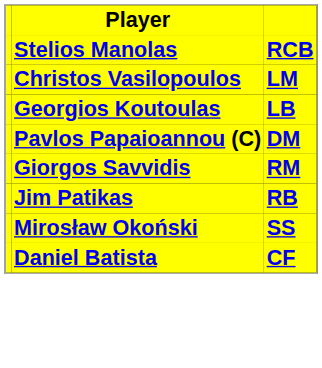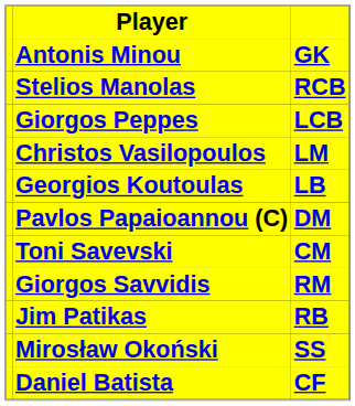 <table class="toccolours" border="0" cellpadding="2" cellspacing="0" align="center" style="margin: 0.5em 0 1em 1em; background: #000000; border: 1px #aaaaaa solid;">
 <tr bgcolor=#FFFF00>
 <th></th>
 <th>Player</th>
 <th></th>
 </tr>
 <tr bgcolor=#FFFF00>
 <td></td>
+<td><a href='#'><span><strong>Antonis Minou</strong></span></a></td>
+<td><a href='#'><strong>GK</strong></a></td>
+</tr>
+<tr bgcolor=#FFFF00>
+<td></td>
 <td><a href='#'><span><strong>Stelios Manolas</strong></span></a></td>
 <td><a href='#'><strong>RCB</strong></a></td>
+</tr>
+<tr bgcolor=#FFFF00>
+<td></td>
+<td><a href='#'><span><strong>Giorgos Peppes</strong></span></a></td>
+<td><a href='#'><strong>LCB</strong></a></td>
 </tr>
 <tr bgcolor=#FFFF00>
 <td></td>
 <td><a href='#'><span><strong>Christos Vasilopoulos</strong></span></a></td>
 <td><a href='#'><strong>LM</strong></a></td>
 </tr>
 <tr bgcolor=#FFFF00>
 <td></td>
 <td><a href='#'><span><strong>Georgios Koutoulas</strong></span></a></td>
 <td><a href='#'><strong>LB</strong></a></td>
 </tr>
 <tr bgcolor=#FFFF00>
 <td></td>
 <td><a href='#'><span><strong>Pavlos Papaioannou</strong></span></a> <strong>(C)</strong></td>
 <td><a href='#'><strong>DM</strong></a></td>
+</tr>
+<tr bgcolor=#FFFF00>
+<td></td>
+<td><a href='#'><span><strong>Toni Savevski</strong></span></a></td>
+<td><a href='#'><strong>CM</strong></a></td>
 </tr>
 <tr bgcolor=#FFFF00>
 <td></td>
 <td><a href='#'><span><strong>Giorgos Savvidis</strong></span></a></td>
 <td><a href='#'><strong>RM</strong></a></td>
 </tr>
 <tr bgcolor=#FFFF00>
 <td></td>
 <td><a href='#'><span><strong>Jim Patikas</strong></span></a></td>
 <td><a href='#'><strong>RB</strong></a></td>
 </tr>
 <tr bgcolor=#FFFF00>
 <td></td>
 <td><a href='#'><span><strong>Mirosław Okoński</strong></span></a></td>
 <td><a href='#'><strong>SS</strong></a></td>
 </tr>
 <tr bgcolor=#FFFF00>
 <td></td>
 <td><a href='#'><span><strong>Daniel Batista</strong></span></a></td>
 <td><a href='#'><strong>CF</strong></a></td>
 </tr>
 </table>
